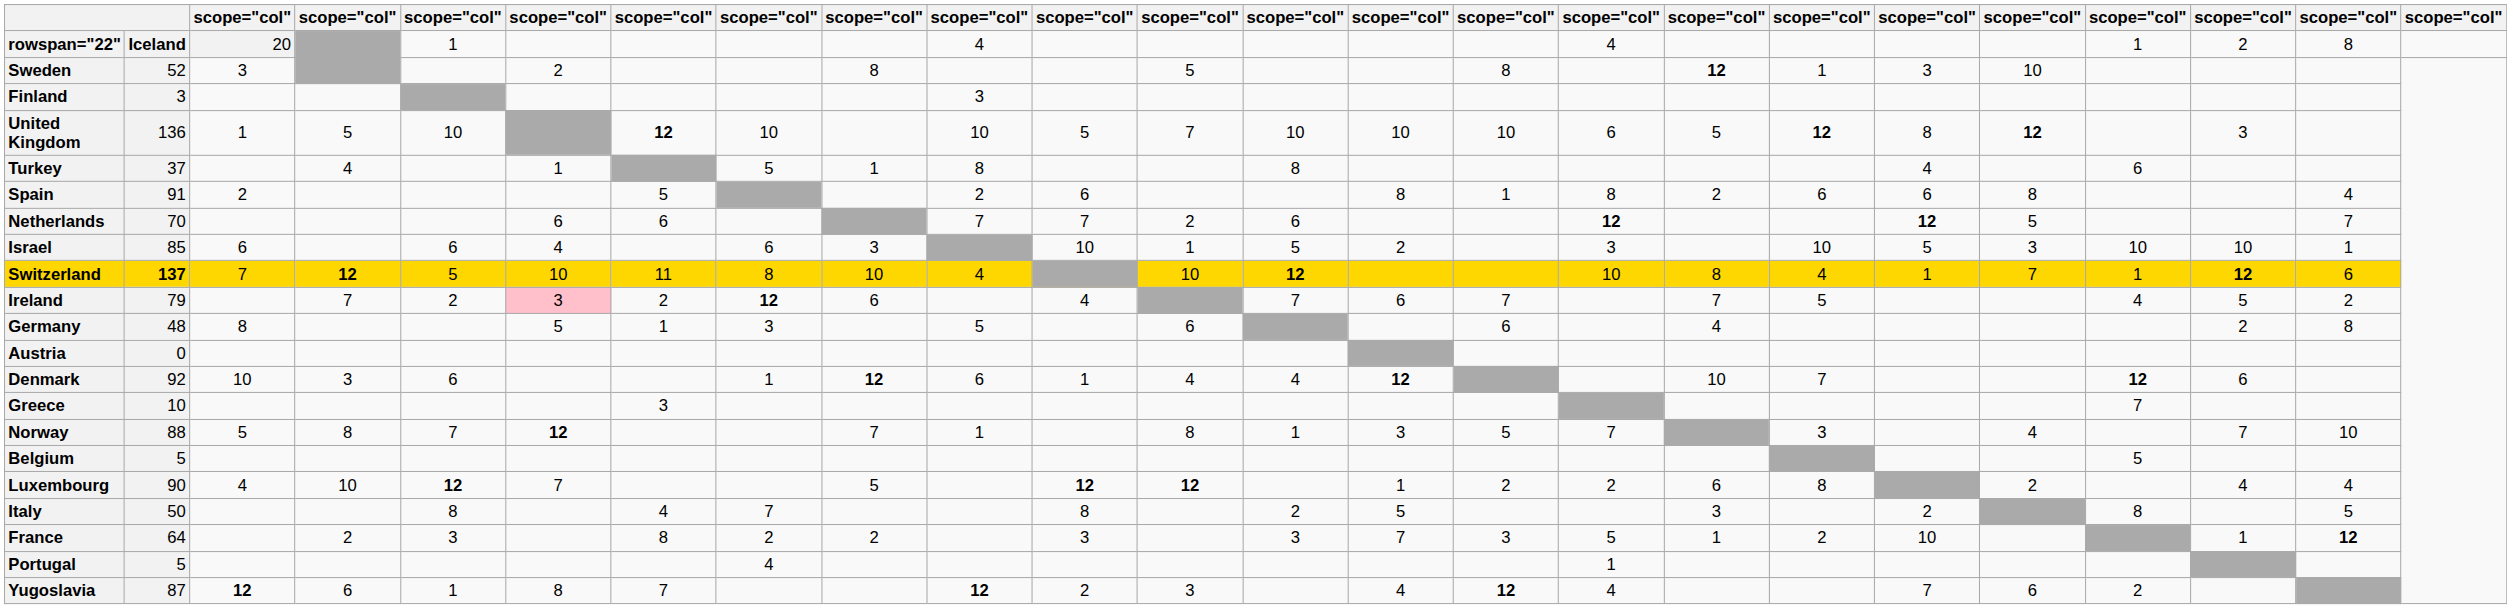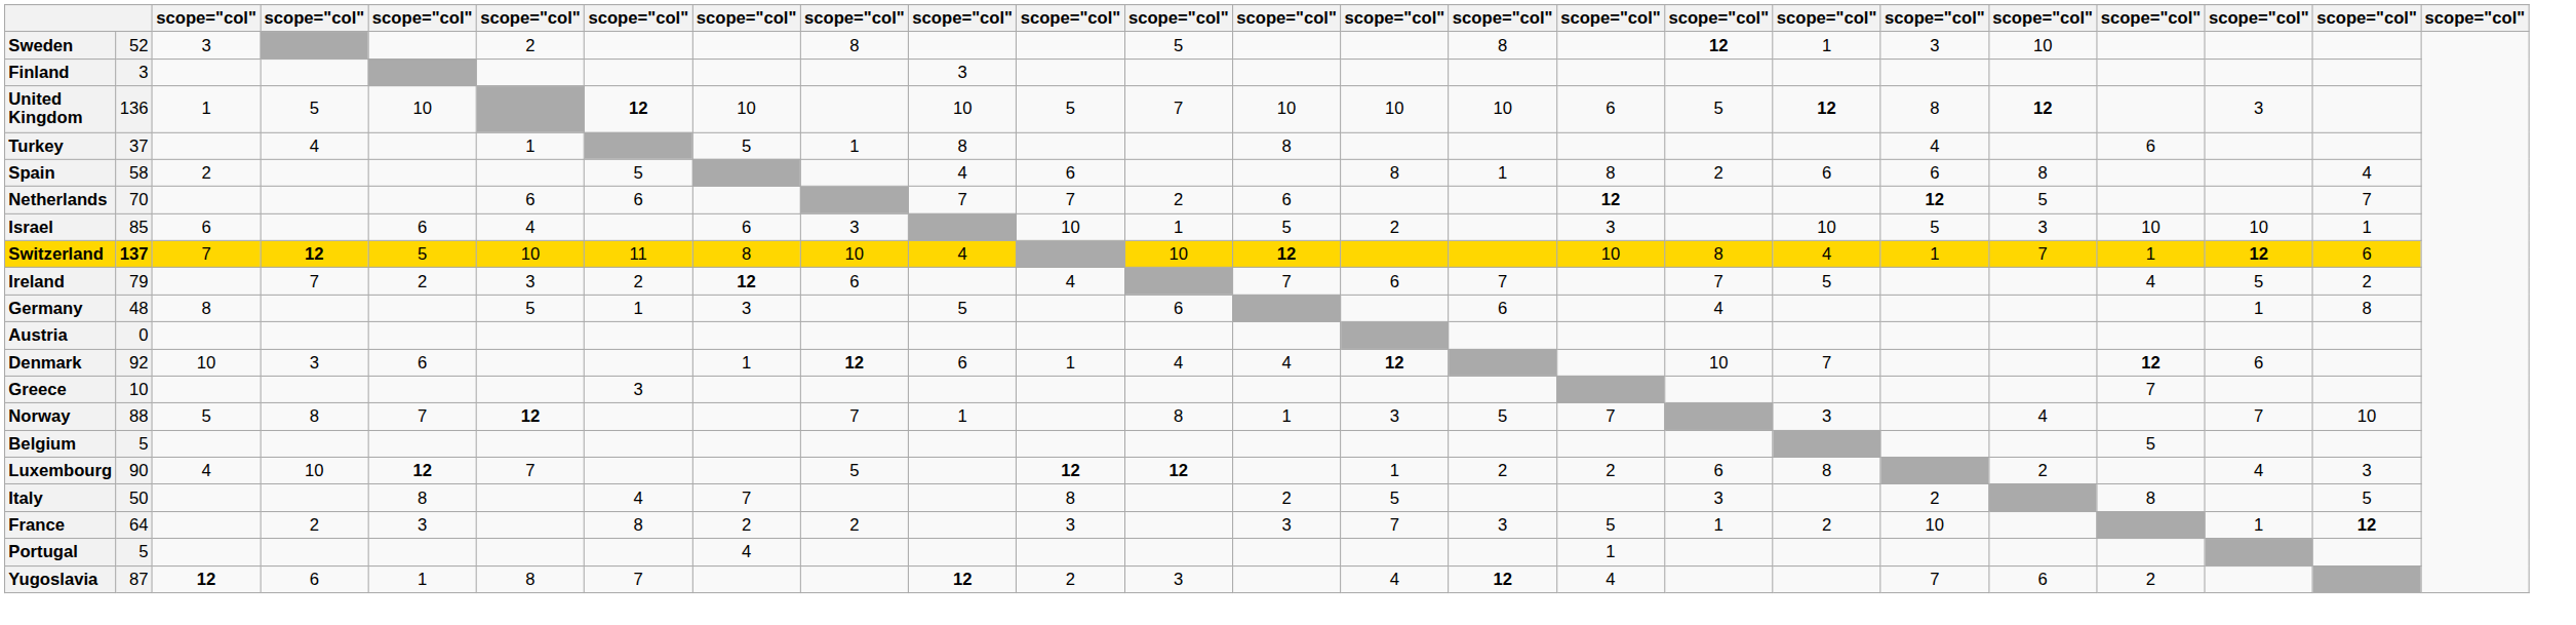 <table class="wikitable plainrowheaders" style="text-align:center;">
 <tr>
 </tr>
 <tr>
 <th colspan="2"></th>
 <th>scope="col" </th>
 <th>scope="col" </th>
 <th>scope="col" </th>
 <th>scope="col" </th>
 <th>scope="col" </th>
 <th>scope="col" </th>
 <th>scope="col" </th>
 <th>scope="col" </th>
 <th>scope="col" </th>
 <th>scope="col" </th>
 <th>scope="col" </th>
 <th>scope="col" </th>
 <th>scope="col" </th>
 <th>scope="col" </th>
 <th>scope="col" </th>
 <th>scope="col" </th>
 <th>scope="col" </th>
 <th>scope="col" </th>
 <th>scope="col" </th>
 <th>scope="col" </th>
 <th>scope="col" </th>
 <th>scope="col" </th>
-</tr>
-<tr>
-<th>rowspan="22" </th>
-<th scope="row" style="text-align:left; background:#f2f2f2;">Iceland</th>
-<td style="text-align:right; background:#f2f2f2;">20</td>
-<td style="text-align:left; background:#aaa;"></td>
-<td>1</td>
-<td></td>
-<td></td>
-<td></td>
-<td></td>
-<td>4</td>
-<td></td>
-<td></td>
-<td></td>
-<td></td>
-<td></td>
-<td>4</td>
-<td></td>
-<td></td>
-<td></td>
-<td></td>
-<td>1</td>
-<td>2</td>
-<td>8</td>
-<td></td>
 </tr>
 <tr>
 <th scope="row" style="text-align:left; background:#f2f2f2;">Sweden</th>
 <td style="text-align:right; background:#f2f2f2;">52</td>
 <td>3</td>
 <td style="text-align:left; background:#aaa;"></td>
 <td></td>
 <td>2</td>
 <td></td>
 <td></td>
 <td>8</td>
 <td></td>
 <td></td>
 <td>5</td>
 <td></td>
 <td></td>
 <td>8</td>
 <td></td>
 <td><strong>12</strong></td>
 <td>1</td>
 <td>3</td>
 <td>10</td>
 <td></td>
 <td></td>
 <td></td>
 </tr>
 <tr>
 <th scope="row" style="text-align:left; background:#f2f2f2;">Finland</th>
 <td style="text-align:right; background:#f2f2f2;">3</td>
 <td></td>
 <td></td>
 <td style="text-align:left; background:#aaa;"></td>
 <td></td>
 <td></td>
 <td></td>
 <td></td>
 <td>3</td>
 <td></td>
 <td></td>
 <td></td>
 <td></td>
 <td></td>
 <td></td>
 <td></td>
 <td></td>
 <td></td>
 <td></td>
 <td></td>
 <td></td>
 <td></td>
 </tr>
 <tr>
 <th scope="row" style="text-align:left; background:#f2f2f2;">United Kingdom</th>
 <td style="text-align:right; background:#f2f2f2;">136</td>
 <td>1</td>
 <td>5</td>
 <td>10</td>
 <td style="text-align:left; background:#aaa;"></td>
 <td><strong>12</strong></td>
 <td>10</td>
 <td></td>
 <td>10</td>
 <td>5</td>
 <td>7</td>
 <td>10</td>
 <td>10</td>
 <td>10</td>
 <td>6</td>
 <td>5</td>
 <td><strong>12</strong></td>
 <td>8</td>
 <td><strong>12</strong></td>
 <td></td>
 <td>3</td>
 <td></td>
 </tr>
 <tr>
 <th scope="row" style="text-align:left; background:#f2f2f2;">Turkey</th>
 <td style="text-align:right; background:#f2f2f2;">37</td>
 <td></td>
 <td>4</td>
 <td></td>
 <td>1</td>
 <td style="text-align:left; background:#aaa;"></td>
 <td>5</td>
 <td>1</td>
 <td>8</td>
 <td></td>
 <td></td>
 <td>8</td>
 <td></td>
 <td></td>
 <td></td>
 <td></td>
 <td></td>
 <td>4</td>
 <td></td>
 <td>6</td>
 <td></td>
 <td></td>
 </tr>
 <tr>
 <th scope="row" style="text-align:left; background:#f2f2f2;">Spain</th>
-<td style="text-align:right; background:#f2f2f2;">91</td>
+<td style="text-align:right; background:#f2f2f2;">58</td>
 <td>2</td>
 <td></td>
 <td></td>
 <td></td>
 <td>5</td>
 <td style="text-align:left; background:#aaa;"></td>
 <td></td>
-<td>2</td>
+<td>4</td>
 <td>6</td>
 <td></td>
 <td></td>
 <td>8</td>
 <td>1</td>
 <td>8</td>
 <td>2</td>
 <td>6</td>
 <td>6</td>
 <td>8</td>
 <td></td>
 <td></td>
 <td>4</td>
 </tr>
 <tr>
 <th scope="row" style="text-align:left; background:#f2f2f2;">Netherlands</th>
 <td style="text-align:right; background:#f2f2f2;">70</td>
 <td></td>
 <td></td>
 <td></td>
 <td>6</td>
 <td>6</td>
 <td></td>
 <td style="text-align:left; background:#aaa;"></td>
 <td>7</td>
 <td>7</td>
 <td>2</td>
 <td>6</td>
 <td></td>
 <td></td>
 <td><strong>12</strong></td>
 <td></td>
 <td></td>
 <td><strong>12</strong></td>
 <td>5</td>
 <td></td>
 <td></td>
 <td>7</td>
 </tr>
 <tr>
 <th scope="row" style="text-align:left; background:#f2f2f2;">Israel</th>
 <td style="text-align:right; background:#f2f2f2;">85</td>
 <td>6</td>
 <td></td>
 <td>6</td>
 <td>4</td>
 <td></td>
 <td>6</td>
 <td>3</td>
 <td style="text-align:left; background:#aaa;"></td>
 <td>10</td>
 <td>1</td>
 <td>5</td>
 <td>2</td>
 <td></td>
 <td>3</td>
 <td></td>
 <td>10</td>
 <td>5</td>
 <td>3</td>
 <td>10</td>
 <td>10</td>
 <td>1</td>
 </tr>
 <tr style="background:gold;">
 <th scope="row" style="text-align:left; font-weight:bold; background:gold;">Switzerland</th>
 <td style="text-align:right; font-weight:bold;">137</td>
 <td>7</td>
 <td><strong>12</strong></td>
 <td>5</td>
 <td>10</td>
 <td>11</td>
 <td>8</td>
 <td>10</td>
 <td>4</td>
 <td style="text-align:left; background:#aaa;"></td>
 <td>10</td>
 <td><strong>12</strong></td>
 <td></td>
 <td></td>
 <td>10</td>
 <td>8</td>
 <td>4</td>
 <td>1</td>
 <td>7</td>
 <td>1</td>
 <td><strong>12</strong></td>
 <td>6</td>
 </tr>
 <tr>
 <th scope="row" style="text-align:left; background:#f2f2f2;">Ireland</th>
 <td style="text-align:right; background:#f2f2f2;">79</td>
 <td></td>
 <td>7</td>
 <td>2</td>
-<td style="background: pink;">3</td>
+<td>3</td>
 <td>2</td>
 <td><strong>12</strong></td>
 <td>6</td>
 <td></td>
 <td>4</td>
 <td style="text-align:left; background:#aaa;"></td>
 <td>7</td>
 <td>6</td>
 <td>7</td>
 <td></td>
 <td>7</td>
 <td>5</td>
 <td></td>
 <td></td>
 <td>4</td>
 <td>5</td>
 <td>2</td>
 </tr>
 <tr>
 <th scope="row" style="text-align:left; background:#f2f2f2;">Germany</th>
 <td style="text-align:right; background:#f2f2f2;">48</td>
 <td>8</td>
 <td></td>
 <td></td>
 <td>5</td>
 <td>1</td>
 <td>3</td>
 <td></td>
 <td>5</td>
 <td></td>
 <td>6</td>
 <td style="text-align:left; background:#aaa;"></td>
 <td></td>
 <td>6</td>
 <td></td>
 <td>4</td>
 <td></td>
 <td></td>
 <td></td>
 <td></td>
-<td>2</td>
+<td>1</td>
 <td>8</td>
 </tr>
 <tr>
 <th scope="row" style="text-align:left; background:#f2f2f2;">Austria</th>
 <td style="text-align:right; background:#f2f2f2;">0</td>
 <td></td>
 <td></td>
 <td></td>
 <td></td>
 <td></td>
 <td></td>
 <td></td>
 <td></td>
 <td></td>
 <td></td>
 <td></td>
 <td style="text-align:left; background:#aaa;"></td>
 <td></td>
 <td></td>
 <td></td>
 <td></td>
 <td></td>
 <td></td>
 <td></td>
 <td></td>
 <td></td>
 </tr>
 <tr>
 <th scope="row" style="text-align:left; background:#f2f2f2;">Denmark</th>
 <td style="text-align:right; background:#f2f2f2;">92</td>
 <td>10</td>
 <td>3</td>
 <td>6</td>
 <td></td>
 <td></td>
 <td>1</td>
 <td><strong>12</strong></td>
 <td>6</td>
 <td>1</td>
 <td>4</td>
 <td>4</td>
 <td><strong>12</strong></td>
 <td style="text-align:left; background:#aaa;"></td>
 <td></td>
 <td>10</td>
 <td>7</td>
 <td></td>
 <td></td>
 <td><strong>12</strong></td>
 <td>6</td>
 <td></td>
 </tr>
 <tr>
 <th scope="row" style="text-align:left; background:#f2f2f2;">Greece</th>
 <td style="text-align:right; background:#f2f2f2;">10</td>
 <td></td>
 <td></td>
 <td></td>
 <td></td>
 <td>3</td>
 <td></td>
 <td></td>
 <td></td>
 <td></td>
 <td></td>
 <td></td>
 <td></td>
 <td></td>
 <td style="text-align:left; background:#aaa;"></td>
 <td></td>
 <td></td>
 <td></td>
 <td></td>
 <td>7</td>
 <td></td>
 <td></td>
 </tr>
 <tr>
 <th scope="row" style="text-align:left; background:#f2f2f2;">Norway</th>
 <td style="text-align:right; background:#f2f2f2;">88</td>
 <td>5</td>
 <td>8</td>
 <td>7</td>
 <td><strong>12</strong></td>
 <td></td>
 <td></td>
 <td>7</td>
 <td>1</td>
 <td></td>
 <td>8</td>
 <td>1</td>
 <td>3</td>
 <td>5</td>
 <td>7</td>
 <td style="text-align:left; background:#aaa;"></td>
 <td>3</td>
 <td></td>
 <td>4</td>
 <td></td>
 <td>7</td>
 <td>10</td>
 </tr>
 <tr>
 <th scope="row" style="text-align:left; background:#f2f2f2;">Belgium</th>
 <td style="text-align:right; background:#f2f2f2;">5</td>
 <td></td>
 <td></td>
 <td></td>
 <td></td>
 <td></td>
 <td></td>
 <td></td>
 <td></td>
 <td></td>
 <td></td>
 <td></td>
 <td></td>
 <td></td>
 <td></td>
 <td></td>
 <td style="text-align:left; background:#aaa;"></td>
 <td></td>
 <td></td>
 <td>5</td>
 <td></td>
 <td></td>
 </tr>
 <tr>
 <th scope="row" style="text-align:left; background:#f2f2f2;">Luxembourg</th>
 <td style="text-align:right; background:#f2f2f2;">90</td>
 <td>4</td>
 <td>10</td>
 <td><strong>12</strong></td>
 <td>7</td>
 <td></td>
 <td></td>
 <td>5</td>
 <td></td>
 <td><strong>12</strong></td>
 <td><strong>12</strong></td>
 <td></td>
 <td>1</td>
 <td>2</td>
 <td>2</td>
 <td>6</td>
 <td>8</td>
 <td style="text-align:left; background:#aaa;"></td>
 <td>2</td>
 <td></td>
 <td>4</td>
-<td>4</td>
+<td>3</td>
 </tr>
 <tr>
 <th scope="row" style="text-align:left; background:#f2f2f2;">Italy</th>
 <td style="text-align:right; background:#f2f2f2;">50</td>
 <td></td>
 <td></td>
 <td>8</td>
 <td></td>
 <td>4</td>
 <td>7</td>
 <td></td>
 <td></td>
 <td>8</td>
 <td></td>
 <td>2</td>
 <td>5</td>
 <td></td>
 <td></td>
 <td>3</td>
 <td></td>
 <td>2</td>
 <td style="text-align:left; background:#aaa;"></td>
 <td>8</td>
 <td></td>
 <td>5</td>
 </tr>
 <tr>
 <th scope="row" style="text-align:left; background:#f2f2f2;">France</th>
 <td style="text-align:right; background:#f2f2f2;">64</td>
 <td></td>
 <td>2</td>
 <td>3</td>
 <td></td>
 <td>8</td>
 <td>2</td>
 <td>2</td>
 <td></td>
 <td>3</td>
 <td></td>
 <td>3</td>
 <td>7</td>
 <td>3</td>
 <td>5</td>
 <td>1</td>
 <td>2</td>
 <td>10</td>
 <td></td>
 <td style="text-align:left; background:#aaa;"></td>
 <td>1</td>
 <td><strong>12</strong></td>
 </tr>
 <tr>
 <th scope="row" style="text-align:left; background:#f2f2f2;">Portugal</th>
 <td style="text-align:right; background:#f2f2f2;">5</td>
 <td></td>
 <td></td>
 <td></td>
 <td></td>
 <td></td>
 <td>4</td>
 <td></td>
 <td></td>
 <td></td>
 <td></td>
 <td></td>
 <td></td>
 <td></td>
 <td>1</td>
 <td></td>
 <td></td>
 <td></td>
 <td></td>
 <td></td>
 <td style="text-align:left; background:#aaa;"></td>
 <td></td>
 </tr>
 <tr>
 <th scope="row" style="text-align:left; background:#f2f2f2;">Yugoslavia</th>
 <td style="text-align:right; background:#f2f2f2;">87</td>
 <td><strong>12</strong></td>
 <td>6</td>
 <td>1</td>
 <td>8</td>
 <td>7</td>
 <td></td>
 <td></td>
 <td><strong>12</strong></td>
 <td>2</td>
 <td>3</td>
 <td></td>
 <td>4</td>
 <td><strong>12</strong></td>
 <td>4</td>
 <td></td>
 <td></td>
 <td>7</td>
 <td>6</td>
 <td>2</td>
 <td></td>
 <td style="text-align:left; background:#aaa;"></td>
 </tr>
 </table>
